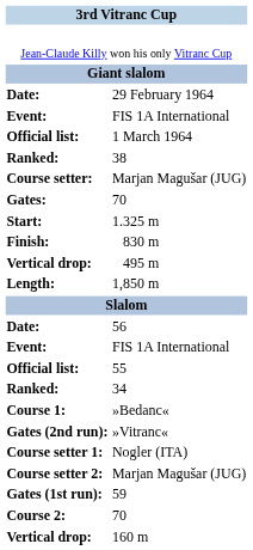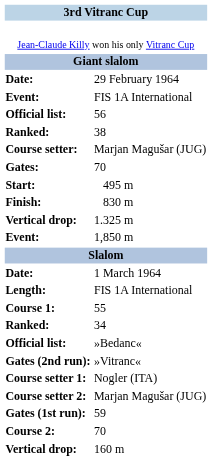 <table border=0 class="toccolours float-right" align="right" style="margin:0 0 0.5em 1em; font-size: 85%;">
 <tr>
 <th bgcolor=#BCD4E6 colspan=2 align="center">3rd Vitranc Cup</th>
 </tr>
 <tr>
 <td align="center" colspan=2><br><small><a href='#'>Jean-Claude Killy</a> won his only <a href='#'>Vitranc Cup</a></small></td>
 </tr>
 <tr>
 <th bgcolor=#b0c4de colspan=2 align="center">Giant slalom</th>
 </tr>
 <tr>
 <td><strong>Date:</strong></td>
 <td>29 February 1964</td>
 </tr>
 <tr>
 <td><strong>Event:</strong></td>
 <td>FIS 1A International</td>
 </tr>
 <tr>
 <td><strong>Official list:</strong></td>
-<td>1 March 1964</td>
+<td>56</td>
 </tr>
 <tr>
 <td><strong>Ranked:</strong></td>
 <td>38</td>
 </tr>
 <tr>
 <td><strong>Course setter:</strong></td>
 <td>Marjan Magušar (JUG)</td>
 </tr>
 <tr>
 <td><strong>Gates:</strong></td>
 <td>70</td>
 </tr>
 <tr>
 <td><strong>Start:</strong></td>
-<td>1.325 m</td>
+<td>   495 m</td>
 </tr>
 <tr>
 <td><strong>Finish:</strong></td>
 <td>   830 m</td>
 </tr>
 <tr>
 <td><strong>Vertical drop:</strong></td>
-<td>   495 m</td>
+<td>1.325 m</td>
 </tr>
 <tr>
-<td><strong>Length:</strong></td>
+<td><strong>Event:</strong></td>
 <td>1,850 m</td>
 </tr>
 <tr>
 <th bgcolor=#b0c4de colspan=2 align="center">Slalom</th>
 </tr>
 <tr>
 <td><strong>Date:</strong></td>
-<td>56</td>
+<td>1 March 1964</td>
 </tr>
 <tr>
-<td><strong>Event:</strong></td>
+<td><strong>Length:</strong></td>
 <td>FIS 1A International</td>
 </tr>
 <tr>
-<td><strong>Official list:</strong></td>
+<td><strong>Course 1:</strong></td>
 <td>55</td>
 </tr>
 <tr>
 <td><strong>Ranked:</strong></td>
 <td>34</td>
 </tr>
 <tr>
-<td><strong>Course 1:</strong></td>
+<td><strong>Official list:</strong></td>
 <td>»Bedanc«</td>
 </tr>
 <tr>
 <td><strong>Gates (2nd run):</strong></td>
 <td>»Vitranc«</td>
 </tr>
 <tr>
 <td><strong>Course setter 1:</strong></td>
 <td>Nogler (ITA)</td>
 </tr>
 <tr>
 <td><strong>Course setter 2:</strong></td>
 <td>Marjan Magušar (JUG)</td>
 </tr>
 <tr>
 <td><strong>Gates (1st run):</strong></td>
 <td>59</td>
 </tr>
 <tr>
 <td><strong>Course 2:</strong></td>
 <td>70</td>
 </tr>
 <tr>
 <td><strong>Vertical drop:</strong></td>
 <td>160 m</td>
 </tr>
 </table>
